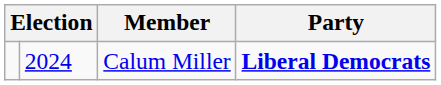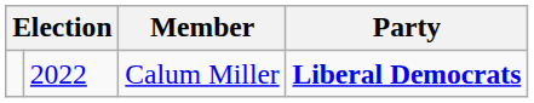 <table class="wikitable">
 <tr>
 <th colspan="2">Election</th>
 <th>Member</th>
 <th>Party</th>
 </tr>
 <tr>
 <td style="color:inherit;background-color: "></td>
-<td><a href='#'>2024</a></td>
+<td><a href='#'>2022</a></td>
 <td><a href='#'>Calum Miller</a></td>
 <td><strong><a href='#'>Liberal Democrats</a></strong></td>
 </tr>
 </table>
